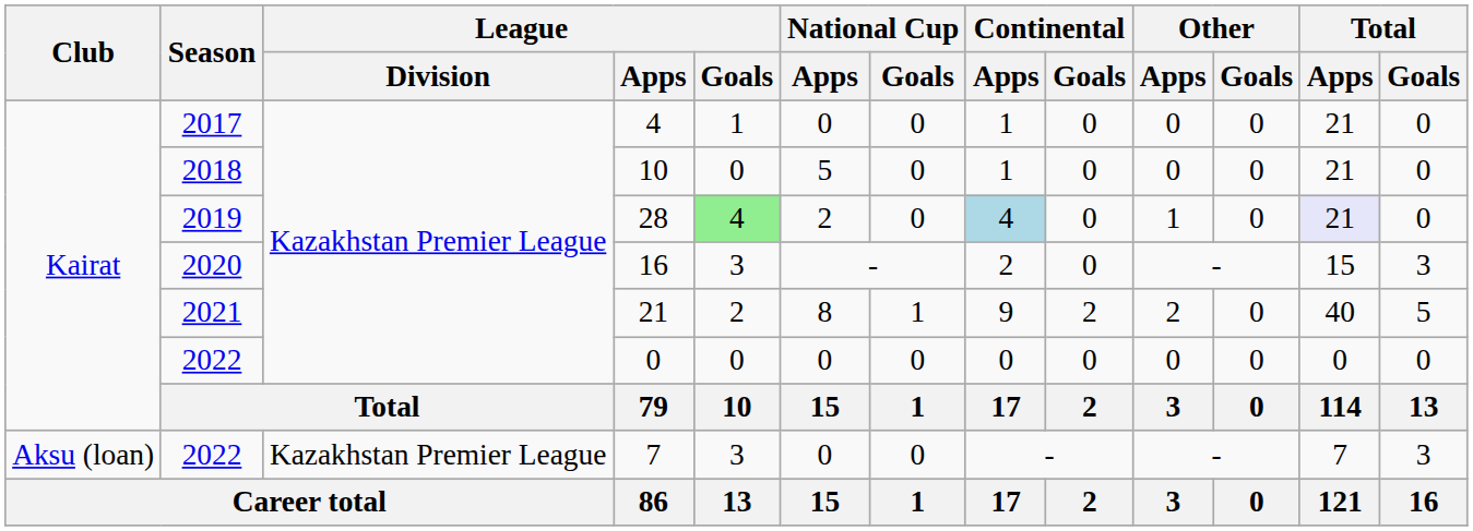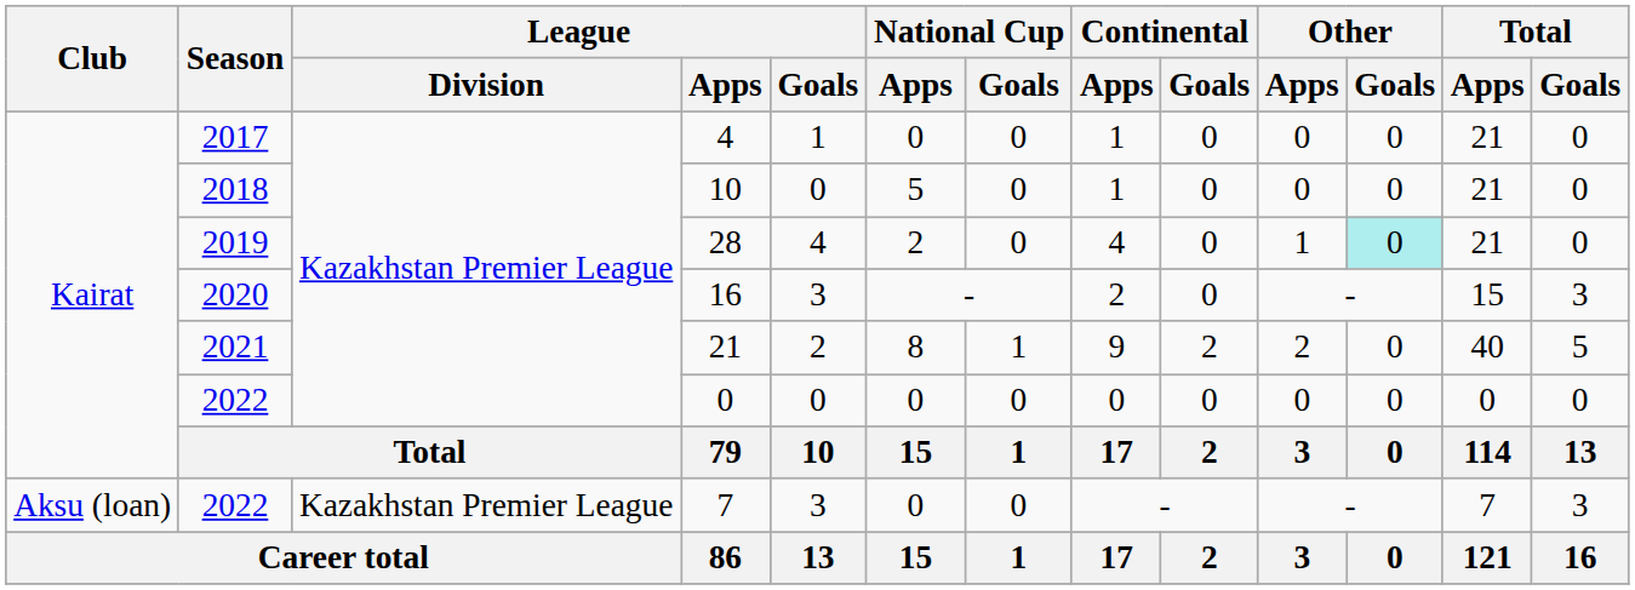 <table class="wikitable" style="text-align: center;">
 <tr>
 <th rowspan="2">Club</th>
 <th rowspan="2">Season</th>
 <th colspan="3">League</th>
 <th colspan="2">National Cup</th>
 <th colspan="2">Continental</th>
 <th colspan="2">Other</th>
 <th colspan="2">Total</th>
 </tr>
 <tr>
 <th>Division</th>
 <th>Apps</th>
 <th>Goals</th>
 <th>Apps</th>
 <th>Goals</th>
 <th>Apps</th>
 <th>Goals</th>
 <th>Apps</th>
 <th>Goals</th>
 <th>Apps</th>
 <th>Goals</th>
 </tr>
 <tr>
 <td rowspan="7" valign="center"><a href='#'>Kairat</a></td>
 <td><a href='#'>2017</a></td>
 <td rowspan="6" valign="center"><a href='#'>Kazakhstan Premier League</a></td>
 <td>4</td>
 <td>1</td>
 <td>0</td>
 <td>0</td>
 <td>1</td>
 <td>0</td>
 <td>0</td>
 <td>0</td>
 <td>21</td>
 <td>0</td>
 </tr>
 <tr>
 <td><a href='#'>2018</a></td>
 <td>10</td>
 <td>0</td>
 <td>5</td>
 <td>0</td>
 <td>1</td>
 <td>0</td>
 <td>0</td>
 <td>0</td>
 <td>21</td>
 <td>0</td>
 </tr>
 <tr>
 <td><a href='#'>2019</a></td>
 <td>28</td>
-<td style="background: lightgreen;">4</td>
+<td>4</td>
 <td>2</td>
 <td>0</td>
-<td style="background: lightblue;">4</td>
+<td>4</td>
 <td>0</td>
 <td>1</td>
-<td>0</td>
-<td style="background: lavender;">21</td>
+<td style="background: paleturquoise;">0</td>
+<td>21</td>
 <td>0</td>
 </tr>
 <tr>
 <td><a href='#'>2020</a></td>
 <td>16</td>
 <td>3</td>
 <td colspan="2">-</td>
 <td>2</td>
 <td>0</td>
 <td colspan="2">-</td>
 <td>15</td>
 <td>3</td>
 </tr>
 <tr>
 <td><a href='#'>2021</a></td>
 <td>21</td>
 <td>2</td>
 <td>8</td>
 <td>1</td>
 <td>9</td>
 <td>2</td>
 <td>2</td>
 <td>0</td>
 <td>40</td>
 <td>5</td>
 </tr>
 <tr>
 <td><a href='#'>2022</a></td>
 <td>0</td>
 <td>0</td>
 <td>0</td>
 <td>0</td>
 <td>0</td>
 <td>0</td>
 <td>0</td>
 <td>0</td>
 <td>0</td>
 <td>0</td>
 </tr>
 <tr>
 <th colspan="2">Total</th>
 <th>79</th>
 <th>10</th>
 <th>15</th>
 <th>1</th>
 <th>17</th>
 <th>2</th>
 <th>3</th>
 <th>0</th>
 <th>114</th>
 <th>13</th>
 </tr>
 <tr>
 <td rowspan="1" valign="center"><a href='#'>Aksu</a> (loan)</td>
 <td><a href='#'>2022</a></td>
 <td>Kazakhstan Premier League</td>
 <td>7</td>
 <td>3</td>
 <td>0</td>
 <td>0</td>
 <td colspan="2">-</td>
 <td colspan="2">-</td>
 <td>7</td>
 <td>3</td>
 </tr>
 <tr>
 <th colspan="3">Career total</th>
 <th>86</th>
 <th>13</th>
 <th>15</th>
 <th>1</th>
 <th>17</th>
 <th>2</th>
 <th>3</th>
 <th>0</th>
 <th>121</th>
 <th>16</th>
 </tr>
 </table>
